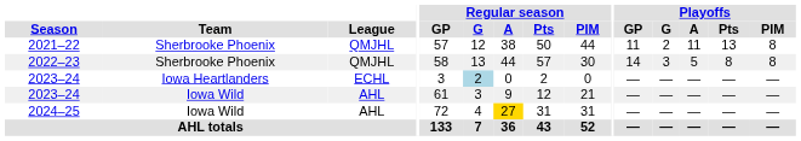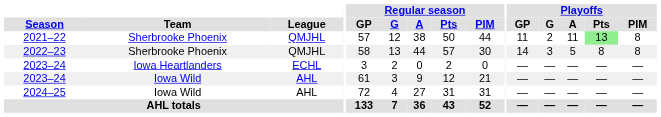 <table border="0" cellpadding="1" cellspacing="0" style="text-align:center; width:60em">
 <tr bgcolor="#e0e0e0">
 <th colspan="3" bgcolor="#ffffff"></th>
 <th rowspan="99" bgcolor="#ffffff"></th>
 <th colspan="5"><a href='#'>Regular season</a></th>
 <th rowspan="99" bgcolor="#ffffff"></th>
 <th colspan="5"><a href='#'>Playoffs</a></th>
 </tr>
 <tr bgcolor="#e0e0e0">
 <th><a href='#'>Season</a></th>
 <th>Team</th>
 <th>League</th>
 <th>GP</th>
 <th><a href='#'>G</a></th>
 <th><a href='#'>A</a></th>
 <th><a href='#'>Pts</a></th>
 <th><a href='#'>PIM</a></th>
 <th>GP</th>
 <th>G</th>
 <th>A</th>
 <th>Pts</th>
 <th>PIM</th>
 </tr>
 <tr>
 <td><a href='#'>2021–22</a></td>
 <td><a href='#'>Sherbrooke Phoenix</a></td>
 <td><a href='#'>QMJHL</a></td>
 <td>57</td>
 <td>12</td>
 <td>38</td>
 <td>50</td>
 <td>44</td>
 <td>11</td>
 <td>2</td>
 <td>11</td>
-<td>13</td>
+<td style="background: lightgreen;">13</td>
 <td>8</td>
 </tr>
 <tr bgcolor="#f0f0f0">
 <td><a href='#'>2022–23</a></td>
 <td>Sherbrooke Phoenix</td>
 <td>QMJHL</td>
 <td>58</td>
 <td>13</td>
 <td>44</td>
 <td>57</td>
 <td>30</td>
 <td>14</td>
 <td>3</td>
 <td>5</td>
 <td>8</td>
 <td>8</td>
 </tr>
 <tr>
 <td><a href='#'>2023–24</a></td>
 <td><a href='#'>Iowa Heartlanders</a></td>
 <td><a href='#'>ECHL</a></td>
 <td>3</td>
-<td style="background: lightblue;">2</td>
+<td>2</td>
 <td>0</td>
 <td>2</td>
 <td>0</td>
 <td>—</td>
 <td>—</td>
 <td>—</td>
 <td>—</td>
 <td>—</td>
 </tr>
 <tr bgcolor="#f0f0f0">
 <td><a href='#'>2023–24</a></td>
 <td><a href='#'>Iowa Wild</a></td>
 <td><a href='#'>AHL</a></td>
 <td>61</td>
 <td>3</td>
 <td>9</td>
 <td>12</td>
 <td>21</td>
 <td>—</td>
 <td>—</td>
 <td>—</td>
 <td>—</td>
 <td>—</td>
 </tr>
 <tr>
 <td><a href='#'>2024–25</a></td>
 <td>Iowa Wild</td>
 <td>AHL</td>
 <td>72</td>
 <td>4</td>
-<td style="background: gold;">27</td>
+<td>27</td>
 <td>31</td>
 <td>31</td>
 <td>—</td>
 <td>—</td>
 <td>—</td>
 <td>—</td>
 <td>—</td>
 </tr>
 <tr bgcolor="#e0e0e0">
 <th colspan="3">AHL totals</th>
 <th>133</th>
 <th>7</th>
 <th>36</th>
 <th>43</th>
 <th>52</th>
 <th>—</th>
 <th>—</th>
 <th>—</th>
 <th>—</th>
 <th>—</th>
 </tr>
 </table>
